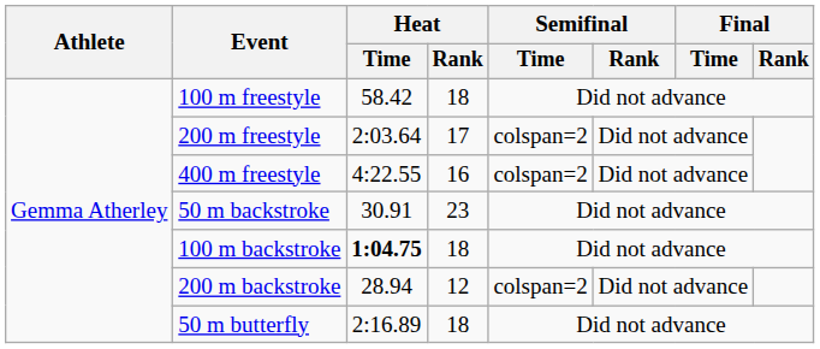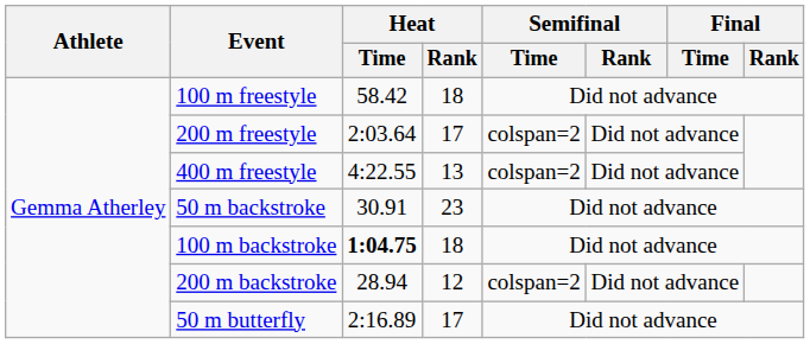 <table class=wikitable style=font-size:90%>
 <tr>
 <th rowspan=2>Athlete</th>
 <th rowspan=2>Event</th>
 <th colspan=2>Heat</th>
 <th colspan=2>Semifinal</th>
 <th colspan=2>Final</th>
 </tr>
 <tr style=font-size:95%>
 <th>Time</th>
 <th>Rank</th>
 <th>Time</th>
 <th>Rank</th>
 <th>Time</th>
 <th>Rank</th>
 </tr>
 <tr align=center>
 <td align=left rowspan=7><a href='#'>Gemma Atherley</a></td>
 <td align=left><a href='#'>100 m freestyle</a></td>
 <td>58.42</td>
 <td>18</td>
 <td colspan=4>Did not advance</td>
 </tr>
 <tr align=center>
 <td align=left><a href='#'>200 m freestyle</a></td>
 <td>2:03.64</td>
 <td>17</td>
 <td>colspan=2 </td>
 <td colspan=2>Did not advance</td>
 </tr>
 <tr align=center>
 <td align=left><a href='#'>400 m freestyle</a></td>
 <td>4:22.55</td>
-<td>16</td>
+<td>13</td>
 <td>colspan=2 </td>
 <td colspan=2>Did not advance</td>
 </tr>
 <tr align=center>
 <td align=left><a href='#'>50 m backstroke</a></td>
 <td>30.91</td>
 <td>23</td>
 <td colspan=4>Did not advance</td>
 </tr>
 <tr align=center>
 <td align=left><a href='#'>100 m backstroke</a></td>
 <td><strong>1:04.75</strong></td>
 <td>18</td>
 <td Colspan=4>Did not advance</td>
 </tr>
 <tr align=center>
 <td align=left><a href='#'>200 m backstroke</a></td>
 <td>28.94</td>
 <td>12</td>
 <td>colspan=2 </td>
 <td colspan=2>Did not advance</td>
 </tr>
 <tr align=center>
 <td align=left><a href='#'>50 m butterfly</a></td>
 <td>2:16.89</td>
-<td>18</td>
+<td>17</td>
 <td colspan=4>Did not advance</td>
 </tr>
 </table>
